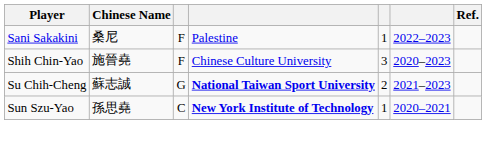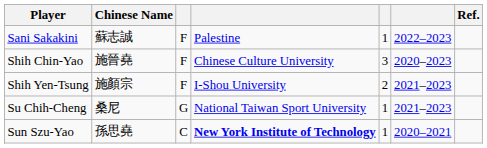 <table class="wikitable sortable" style="font-size:95%; text-align:left;">
 <tr>
 <th>Player</th>
 <th>Chinese Name</th>
 <th></th>
 <th></th>
 <th></th>
 <th></th>
 <th>Ref.</th>
 </tr>
 <tr>
 <td><a href='#'>Sani Sakakini</a></td>
-<td>桑尼</td>
+<td>蘇志誠</td>
 <td align="center">F</td>
 <td><a href='#'>Palestine</a></td>
 <td align="center">1</td>
 <td align="center"><a href='#'>2022–2023</a></td>
 <td></td>
 </tr>
 <tr>
 <td>Shih Chin-Yao</td>
 <td>施晉堯</td>
 <td align="center">F</td>
 <td><a href='#'>Chinese Culture University</a></td>
 <td align="center">3</td>
 <td align="center"><a href='#'>2020</a>–<a href='#'>2023</a></td>
 <td></td>
 </tr>
 <tr>
+<td>Shih Yen-Tsung</td>
+<td>施顏宗</td>
+<td align="center">F</td>
+<td><a href='#'>I-Shou University</a></td>
+<td align="center">2</td>
+<td align="center"><a href='#'>2021</a>–<a href='#'>2023</a></td>
+<td></td>
+</tr>
+<tr>
 <td>Su Chih-Cheng</td>
-<td>蘇志誠</td>
+<td>桑尼</td>
 <td align="center">G</td>
-<td><strong><a href='#'>National Taiwan Sport University</a></strong></td>
-<td align="center">2</td>
+<td><a href='#'>National Taiwan Sport University</a></td>
+<td align="center">1</td>
 <td align="center"><a href='#'>2021</a>–<a href='#'>2023</a></td>
 <td></td>
 </tr>
 <tr>
 <td>Sun Szu-Yao</td>
 <td>孫思堯</td>
 <td align="center">C</td>
 <td><strong><a href='#'>New York Institute of Technology</a></strong></td>
 <td align="center">1</td>
 <td align="center"><a href='#'>2020–2021</a></td>
 <td></td>
 </tr>
 </table>
